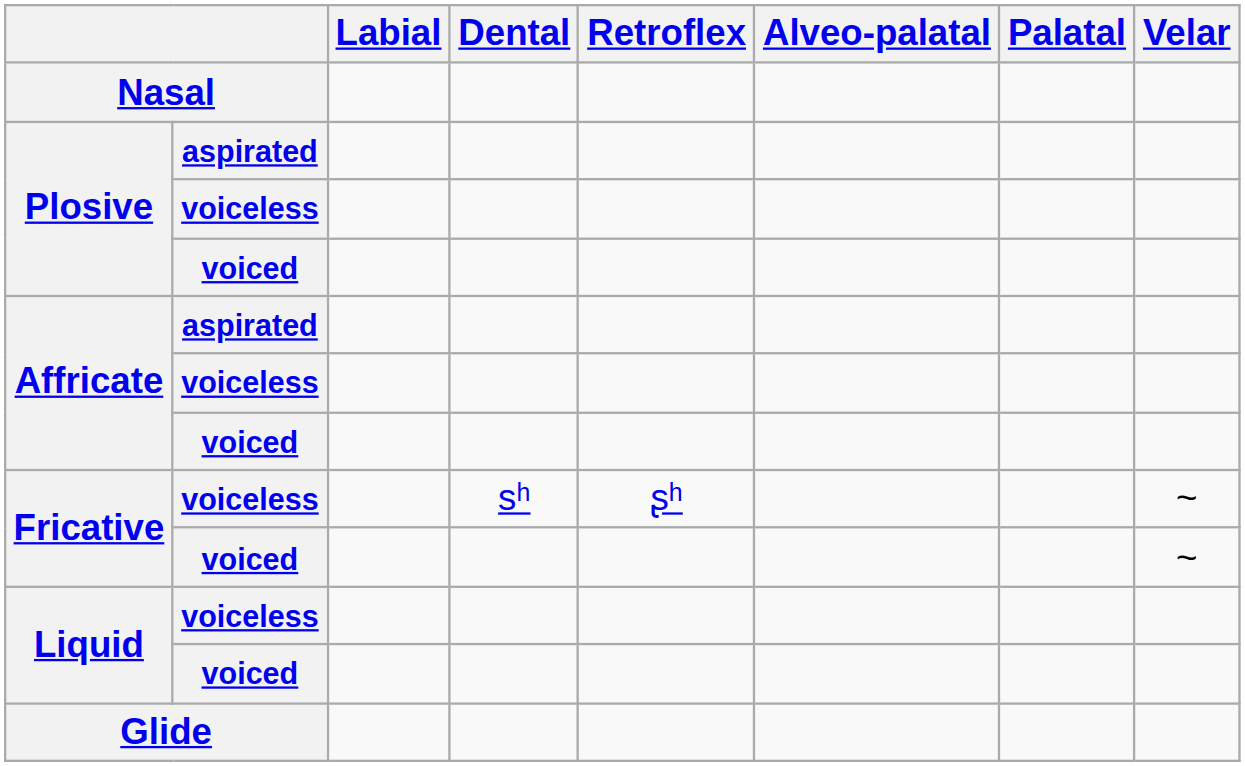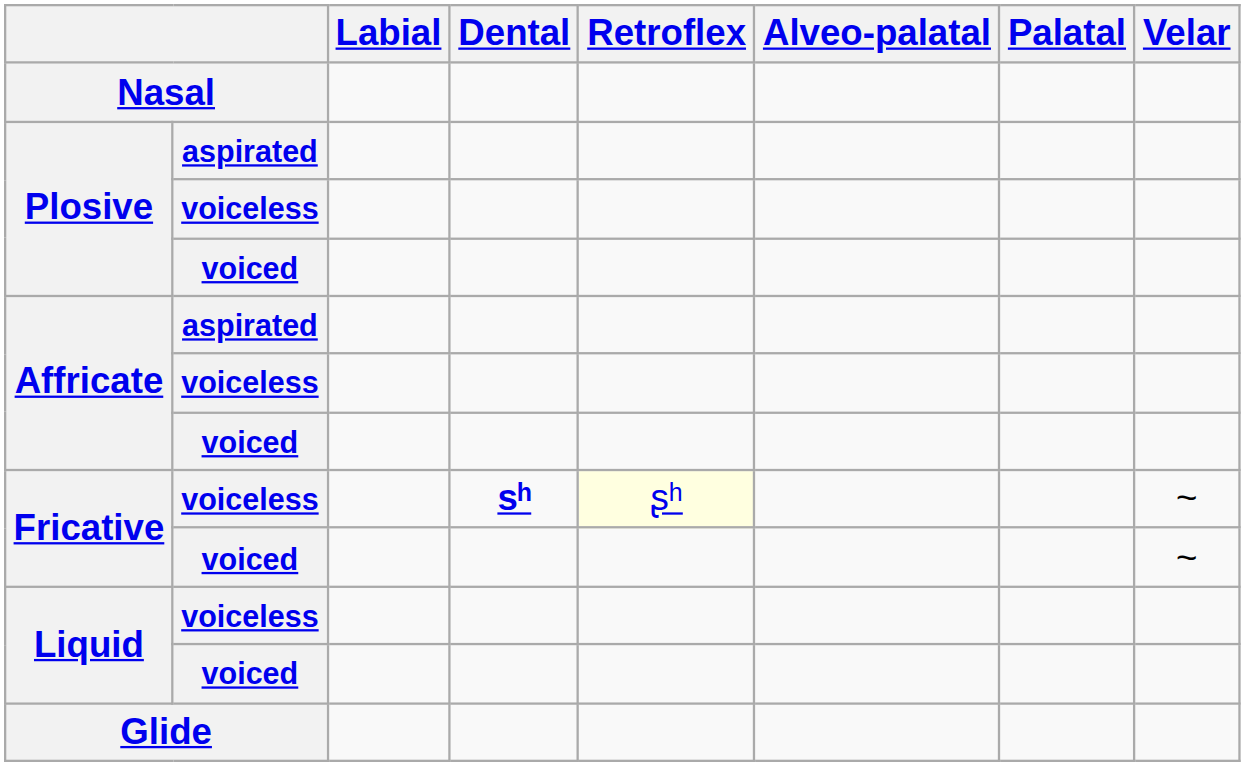 <table class="wikitable" style="text-align:center">
 <tr>
 <th colspan="2"></th>
 <th><a href='#'>Labial</a></th>
 <th><a href='#'>Dental</a></th>
 <th><a href='#'>Retroflex</a></th>
 <th><a href='#'>Alveo-palatal</a></th>
 <th><a href='#'>Palatal</a></th>
 <th><a href='#'>Velar</a></th>
 </tr>
 <tr>
 <th colspan="2"><a href='#'>Nasal</a></th>
 <td> </td>
 <td> </td>
 <td></td>
 <td></td>
 <td></td>
 <td> </td>
 </tr>
 <tr>
 <th rowspan="3"><a href='#'>Plosive</a></th>
 <th><small><a href='#'>aspirated</a></small></th>
 <td> </td>
 <td> </td>
 <td></td>
 <td></td>
 <td></td>
 <td> </td>
 </tr>
 <tr>
 <th><small><a href='#'>voiceless</a></small></th>
 <td> </td>
 <td> </td>
 <td></td>
 <td></td>
 <td></td>
 <td> </td>
 </tr>
 <tr>
 <th><small><a href='#'>voiced</a></small></th>
 <td> </td>
 <td> </td>
 <td></td>
 <td></td>
 <td></td>
 <td> </td>
 </tr>
 <tr>
 <th rowspan="3"><a href='#'>Affricate</a></th>
 <th><small><a href='#'>aspirated</a></small></th>
 <td></td>
 <td> </td>
 <td> </td>
 <td> </td>
 <td> </td>
 <td></td>
 </tr>
 <tr>
 <th><small><a href='#'>voiceless</a></small></th>
 <td></td>
 <td> </td>
 <td> </td>
 <td> </td>
 <td> </td>
 <td></td>
 </tr>
 <tr>
 <th><small><a href='#'>voiced</a></small></th>
 <td></td>
 <td> </td>
 <td> </td>
 <td> </td>
 <td> </td>
 <td></td>
 </tr>
 <tr>
 <th rowspan="2"><a href='#'>Fricative</a></th>
 <th><small><a href='#'>voiceless</a></small></th>
 <td> </td>
-<td><a href='#'>sʰ</a> </td>
-<td><a href='#'>ʂʰ</a> </td>
+<td><strong><a href='#'>sʰ</a> </strong></td>
+<td style="background: lightyellow;"><a href='#'>ʂʰ</a> </td>
 <td> </td>
 <td></td>
 <td> ~  </td>
 </tr>
 <tr>
 <th><small><a href='#'>voiced</a></small></th>
 <td></td>
 <td> </td>
 <td></td>
 <td> </td>
 <td></td>
 <td> ~  </td>
 </tr>
 <tr>
 <th rowspan="2"><a href='#'>Liquid</a></th>
 <th><small><a href='#'>voiceless</a></small></th>
 <td></td>
 <td> </td>
 <td></td>
 <td></td>
 <td></td>
 <td></td>
 </tr>
 <tr>
 <th><small><a href='#'>voiced</a></small></th>
 <td></td>
 <td> </td>
 <td> </td>
 <td></td>
 <td></td>
 <td></td>
 </tr>
 <tr>
 <th colspan="2"><a href='#'>Glide</a></th>
 <td> </td>
 <td></td>
 <td></td>
 <td></td>
 <td> </td>
 <td> </td>
 </tr>
 </table>
